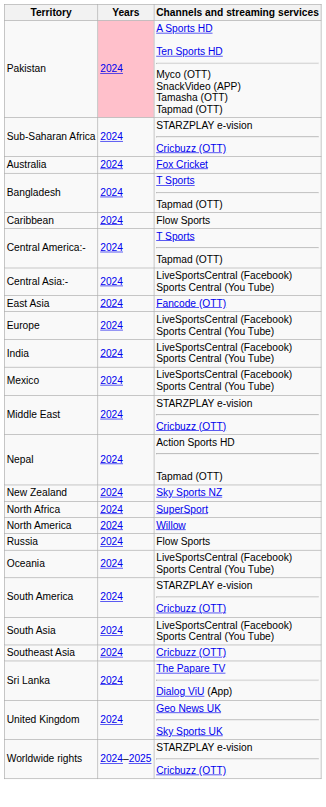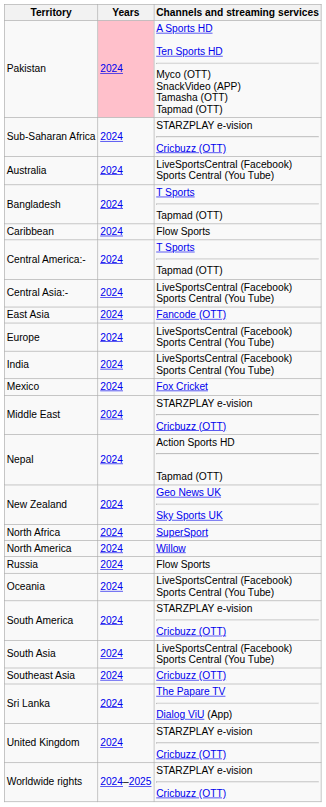 <table class="wikitable">
 <tr>
 <th>Territory</th>
 <th>Years</th>
 <th>Channels and streaming services</th>
 </tr>
 <tr>
 <td>Pakistan</td>
 <td style="background: pink;"><a href='#'>2024</a></td>
 <td><a href='#'>A Sports HD</a><br><br><a href='#'>Ten Sports HD</a><hr> Myco (OTT)<br> SnackVideo (APP)<br>Tamasha (OTT)<br> Tapmad (OTT)</td>
 </tr>
 <tr>
 <td>Sub-Saharan Africa</td>
 <td><a href='#'>2024</a></td>
 <td>STARZPLAY e-vision<hr><a href='#'>Cricbuzz (OTT)</a></td>
 </tr>
 <tr>
 <td>Australia</td>
 <td><a href='#'>2024</a></td>
-<td><a href='#'>Fox Cricket</a></td>
+<td>LiveSportsCentral (Facebook)<br>Sports Central (You Tube)</td>
 </tr>
 <tr>
 <td>Bangladesh</td>
 <td><a href='#'>2024</a></td>
 <td><a href='#'>T Sports</a><hr>Tapmad (OTT)</td>
 </tr>
 <tr>
 <td>Caribbean</td>
 <td><a href='#'>2024</a></td>
 <td>Flow Sports</td>
 </tr>
 <tr>
 <td>Central America:-</td>
 <td><a href='#'>2024</a></td>
 <td><a href='#'>T Sports</a><hr>Tapmad (OTT)</td>
 </tr>
 <tr>
 <td>Central Asia:-</td>
 <td><a href='#'>2024</a></td>
 <td>LiveSportsCentral (Facebook)<br>Sports Central (You Tube)</td>
 </tr>
 <tr>
 <td>East Asia</td>
 <td><a href='#'>2024</a></td>
 <td><a href='#'>Fancode (OTT)</a></td>
 </tr>
 <tr>
 <td>Europe</td>
 <td><a href='#'>2024</a></td>
 <td>LiveSportsCentral (Facebook)<br>Sports Central (You Tube)</td>
 </tr>
 <tr>
 <td>India</td>
 <td><a href='#'>2024</a></td>
 <td>LiveSportsCentral (Facebook)<br>Sports Central (You Tube)</td>
 </tr>
 <tr>
 <td>Mexico</td>
 <td><a href='#'>2024</a></td>
-<td>LiveSportsCentral (Facebook)<br>Sports Central (You Tube)</td>
+<td><a href='#'>Fox Cricket</a></td>
 </tr>
 <tr>
 <td>Middle East</td>
 <td><a href='#'>2024</a></td>
 <td>STARZPLAY e-vision<hr><a href='#'>Cricbuzz (OTT)</a></td>
 </tr>
 <tr>
 <td>Nepal</td>
 <td><a href='#'>2024</a></td>
 <td>Action Sports HD<hr><br>Tapmad (OTT)</td>
 </tr>
 <tr>
 <td>New Zealand</td>
 <td><a href='#'>2024</a></td>
-<td><a href='#'>Sky Sports NZ</a></td>
+<td><a href='#'>Geo News UK</a><hr> <a href='#'>Sky Sports UK</a></td>
 </tr>
 <tr>
 <td>North Africa</td>
 <td><a href='#'>2024</a></td>
 <td><a href='#'>SuperSport</a></td>
 </tr>
 <tr>
 <td>North America</td>
 <td><a href='#'>2024</a></td>
 <td><a href='#'>Willow</a></td>
 </tr>
 <tr>
 <td>Russia</td>
 <td><a href='#'>2024</a></td>
 <td>Flow Sports</td>
 </tr>
 <tr>
 <td>Oceania</td>
 <td><a href='#'>2024</a></td>
 <td>LiveSportsCentral (Facebook)<br>Sports Central (You Tube)</td>
 </tr>
 <tr>
 <td>South America</td>
 <td><a href='#'>2024</a></td>
 <td>STARZPLAY e-vision<hr><a href='#'>Cricbuzz (OTT)</a></td>
 </tr>
 <tr>
 <td>South Asia</td>
 <td><a href='#'>2024</a></td>
 <td>LiveSportsCentral (Facebook)<br>Sports Central (You Tube)</td>
 </tr>
 <tr>
 <td>Southeast Asia</td>
 <td><a href='#'>2024</a></td>
 <td><a href='#'>Cricbuzz (OTT)</a></td>
 </tr>
 <tr>
 <td>Sri Lanka</td>
 <td><a href='#'>2024</a></td>
 <td><a href='#'>The Papare TV</a> <hr> <a href='#'>Dialog ViU</a> (App)</td>
 </tr>
 <tr>
 <td>United Kingdom</td>
 <td><a href='#'>2024</a></td>
-<td><a href='#'>Geo News UK</a><hr> <a href='#'>Sky Sports UK</a></td>
+<td>STARZPLAY e-vision<hr><a href='#'>Cricbuzz (OTT)</a></td>
 </tr>
 <tr>
 <td>Worldwide rights</td>
 <td><a href='#'>2024</a>–<a href='#'>2025</a></td>
 <td>STARZPLAY e-vision<hr><a href='#'>Cricbuzz (OTT)</a></td>
 </tr>
 </table>
